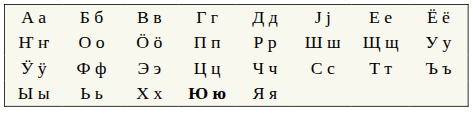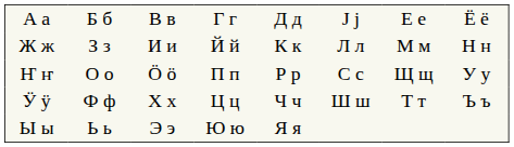 <table style="font-family:Arial Unicode MS; font-size:1.4em; border-color:#000000; border-width:1px; border-style:solid; border-collapse:collapse; text-align:right; background-color:#F8F8EF">
 <tr>
 <td style="width:3em; text-align:center; padding: 3px;">А а</td>
 <td style="width:3em; text-align:center; padding: 3px;">Б б</td>
 <td style="width:3em; text-align:center; padding: 3px;">В в</td>
 <td style="width:3em; text-align:center; padding: 3px;">Г г</td>
 <td style="width:3em; text-align:center; padding: 3px;">Д д</td>
 <td style="width:3em; text-align:center; padding: 3px;">Ј ј</td>
 <td style="width:3em; text-align:center; padding: 3px;">Е е</td>
 <td style="width:3em; text-align:center; padding: 3px;">Ё ё</td>
 </tr>
 <tr>
+<td style="width:3em; text-align:center; padding: 3px;">Ж ж</td>
+<td style="width:3em; text-align:center; padding: 3px;">З з</td>
+<td style="width:3em; text-align:center; padding: 3px;">И и</td>
+<td style="width:3em; text-align:center; padding: 3px;">Й й</td>
+<td style="width:3em; text-align:center; padding: 3px;">К к</td>
+<td style="width:3em; text-align:center; padding: 3px;">Л л</td>
+<td style="width:3em; text-align:center; padding: 3px;">М м</td>
+<td style="width:3em; text-align:center; padding: 3px;">Н н</td>
+</tr>
+<tr>
 <td style="width:3em; text-align:center; padding: 3px;">Ҥ ҥ</td>
 <td style="width:3em; text-align:center; padding: 3px;">О о</td>
 <td style="width:3em; text-align:center; padding: 3px;">Ӧ ӧ</td>
 <td style="width:3em; text-align:center; padding: 3px;">П п</td>
 <td style="width:3em; text-align:center; padding: 3px;">Р р</td>
-<td style="width:3em; text-align:center; padding: 3px;">Ш ш</td>
+<td style="width:3em; text-align:center; padding: 3px;">С с</td>
 <td style="width:3em; text-align:center; padding: 3px;">Щ щ</td>
 <td style="width:3em; text-align:center; padding: 3px;">У у</td>
 </tr>
 <tr>
 <td style="width:3em; text-align:center; padding: 3px;">Ӱ ӱ</td>
 <td style="width:3em; text-align:center; padding: 3px;">Ф ф</td>
-<td style="width:3em; text-align:center; padding: 3px;">Э э</td>
+<td style="width:3em; text-align:center; padding: 3px;">Х х</td>
 <td style="width:3em; text-align:center; padding: 3px;">Ц ц</td>
 <td style="width:3em; text-align:center; padding: 3px;">Ч ч</td>
-<td style="width:3em; text-align:center; padding: 3px;">С с</td>
+<td style="width:3em; text-align:center; padding: 3px;">Ш ш</td>
 <td style="width:3em; text-align:center; padding: 3px;">Т т</td>
 <td style="width:3em; text-align:center; padding: 3px;">Ъ ъ</td>
 </tr>
 <tr>
 <td style="width:3em; text-align:center; padding: 3px;">Ы ы</td>
 <td style="width:3em; text-align:center; padding: 3px;">Ь ь</td>
-<td style="width:3em; text-align:center; padding: 3px;">Х х</td>
-<td style="width:3em; text-align:center; padding: 3px;"><strong>Ю ю</strong></td>
+<td style="width:3em; text-align:center; padding: 3px;">Э э</td>
+<td style="width:3em; text-align:center; padding: 3px;">Ю ю</td>
 <td style="width:3em; text-align:center; padding: 3px;">Я я</td>
 <td style="width:3em; text-align:center; padding: 3px;"></td>
 </tr>
 </table>
